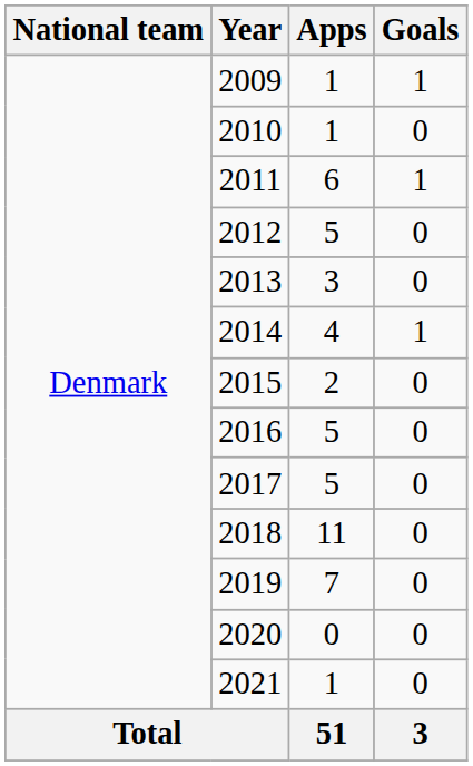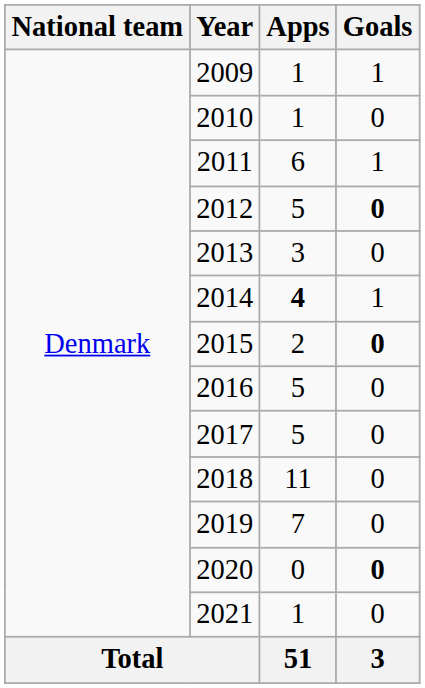 <table class="wikitable" style="text-align:center">
 <tr>
 <th>National team</th>
 <th>Year</th>
 <th>Apps</th>
 <th>Goals</th>
 </tr>
 <tr>
 <td rowspan="13"><a href='#'>Denmark</a></td>
 <td>2009</td>
 <td>1</td>
 <td>1</td>
 </tr>
 <tr>
 <td>2010</td>
 <td>1</td>
 <td>0</td>
 </tr>
 <tr>
 <td>2011</td>
 <td>6</td>
 <td>1</td>
 </tr>
 <tr>
 <td>2012</td>
 <td>5</td>
-<td>0</td>
+<td><strong>0</strong></td>
 </tr>
 <tr>
 <td>2013</td>
 <td>3</td>
 <td>0</td>
 </tr>
 <tr>
 <td>2014</td>
-<td>4</td>
+<td><strong>4</strong></td>
 <td>1</td>
 </tr>
 <tr>
 <td>2015</td>
 <td>2</td>
-<td>0</td>
+<td><strong>0</strong></td>
 </tr>
 <tr>
 <td>2016</td>
 <td>5</td>
 <td>0</td>
 </tr>
 <tr>
 <td>2017</td>
 <td>5</td>
 <td>0</td>
 </tr>
 <tr>
 <td>2018</td>
 <td>11</td>
 <td>0</td>
 </tr>
 <tr>
 <td>2019</td>
 <td>7</td>
 <td>0</td>
 </tr>
 <tr>
 <td>2020</td>
 <td>0</td>
-<td>0</td>
+<td><strong>0</strong></td>
 </tr>
 <tr>
 <td>2021</td>
 <td>1</td>
 <td>0</td>
 </tr>
 <tr>
 <th colspan="2">Total</th>
 <th>51</th>
 <th>3</th>
 </tr>
 </table>
